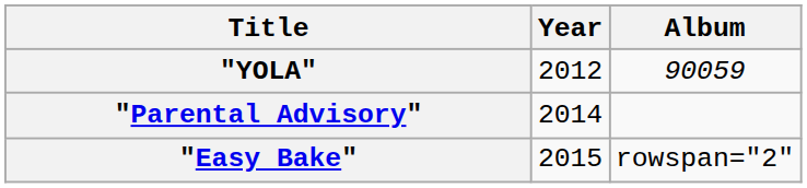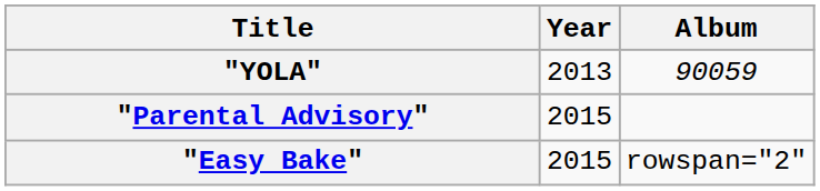 <table class="wikitable plainrowheaders" style="text-align:center;">
 <tr>
 <th scope="col" style="width:19em;">Title</th>
 <th scope="col">Year</th>
 <th scope="col">Album</th>
 </tr>
 <tr>
 <th scope="row">"YOLA"</th>
-<td>2012</td>
+<td>2013</td>
 <td><em>90059</em></td>
 </tr>
 <tr>
 <th scope="row">"<a href='#'>Parental Advisory</a>"</th>
-<td>2014</td>
+<td>2015</td>
 </tr>
 <tr>
 <th scope="row">"<a href='#'>Easy Bake</a>"<br></th>
 <td>2015</td>
 <td>rowspan="2" </td>
 </tr>
 </table>
